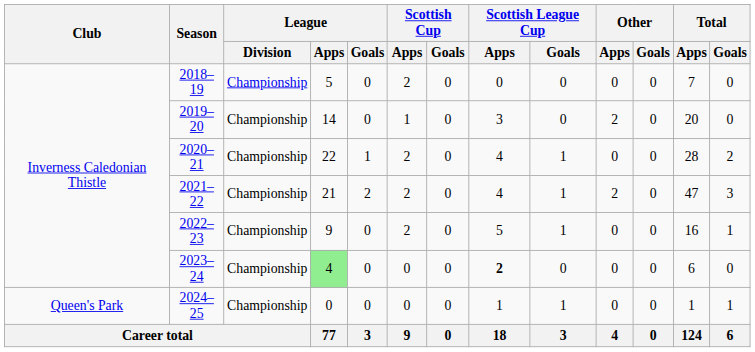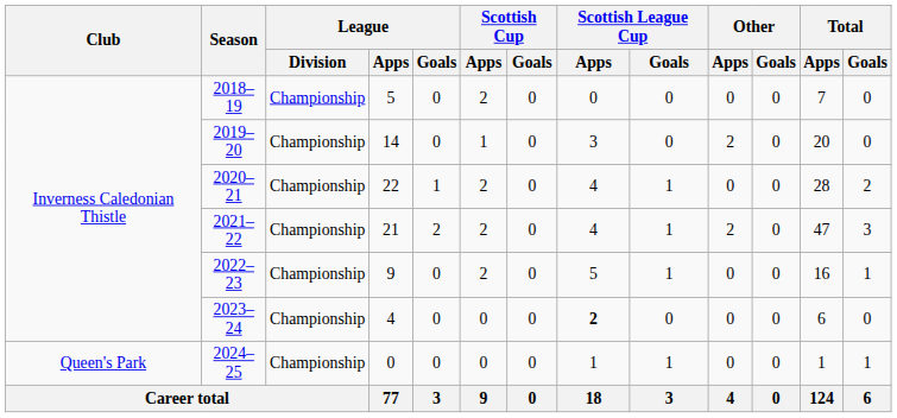 <table class=wikitable style="text-align: center">
 <tr>
 <th rowspan=2>Club</th>
 <th rowspan=2>Season</th>
 <th colspan=3>League</th>
 <th colspan=2><a href='#'>Scottish Cup</a></th>
 <th colspan=2><a href='#'>Scottish League Cup</a></th>
 <th colspan=2>Other</th>
 <th colspan=2>Total</th>
 </tr>
 <tr>
 <th>Division</th>
 <th>Apps</th>
 <th>Goals</th>
 <th>Apps</th>
 <th>Goals</th>
 <th>Apps</th>
 <th>Goals</th>
 <th>Apps</th>
 <th>Goals</th>
 <th>Apps</th>
 <th>Goals</th>
 </tr>
 <tr>
 <td rowspan=6><a href='#'>Inverness Caledonian Thistle</a></td>
 <td><a href='#'>2018–19</a></td>
 <td><a href='#'>Championship</a></td>
 <td>5</td>
 <td>0</td>
 <td>2</td>
 <td>0</td>
 <td>0</td>
 <td>0</td>
 <td>0</td>
 <td>0</td>
 <td>7</td>
 <td>0</td>
 </tr>
 <tr>
 <td><a href='#'>2019–20</a></td>
 <td>Championship</td>
 <td>14</td>
 <td>0</td>
 <td>1</td>
 <td>0</td>
 <td>3</td>
 <td>0</td>
 <td>2</td>
 <td>0</td>
 <td>20</td>
 <td>0</td>
 </tr>
 <tr>
 <td><a href='#'>2020–21</a></td>
 <td>Championship</td>
 <td>22</td>
 <td>1</td>
 <td>2</td>
 <td>0</td>
 <td>4</td>
 <td>1</td>
 <td>0</td>
 <td>0</td>
 <td>28</td>
 <td>2</td>
 </tr>
 <tr>
 <td><a href='#'>2021–22</a></td>
 <td>Championship</td>
 <td>21</td>
 <td>2</td>
 <td>2</td>
 <td>0</td>
 <td>4</td>
 <td>1</td>
 <td>2</td>
 <td>0</td>
 <td>47</td>
 <td>3</td>
 </tr>
 <tr>
 <td><a href='#'>2022–23</a></td>
 <td>Championship</td>
 <td>9</td>
 <td>0</td>
 <td>2</td>
 <td>0</td>
 <td>5</td>
 <td>1</td>
 <td>0</td>
 <td>0</td>
 <td>16</td>
 <td>1</td>
 </tr>
 <tr>
 <td><a href='#'>2023–24</a></td>
 <td>Championship</td>
-<td style="background: lightgreen;">4</td>
+<td>4</td>
 <td>0</td>
 <td>0</td>
 <td>0</td>
 <td><strong>2</strong></td>
 <td>0</td>
 <td>0</td>
 <td>0</td>
 <td>6</td>
 <td>0</td>
 </tr>
 <tr>
 <td rowspan=1><a href='#'>Queen's Park</a></td>
 <td><a href='#'>2024–25</a></td>
 <td>Championship</td>
 <td>0</td>
 <td>0</td>
 <td>0</td>
 <td>0</td>
 <td>1</td>
 <td>1</td>
 <td>0</td>
 <td>0</td>
 <td>1</td>
 <td>1</td>
 </tr>
 <tr>
 <th colspan=3>Career total</th>
 <th>77</th>
 <th>3</th>
 <th>9</th>
 <th>0</th>
 <th>18</th>
 <th>3</th>
 <th>4</th>
 <th>0</th>
 <th>124</th>
 <th>6</th>
 </tr>
 </table>
